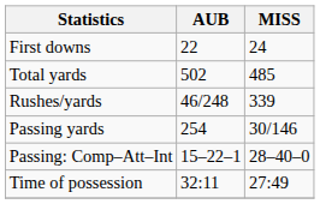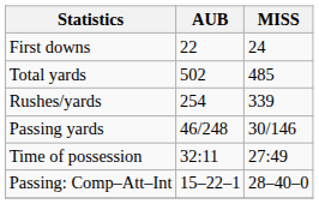 <table class="wikitable" style="float: left;">
 <tr>
 <th>Statistics</th>
 <th>AUB</th>
 <th>MISS</th>
 </tr>
 <tr>
 <td>First downs</td>
 <td>22</td>
 <td>24</td>
 </tr>
 <tr>
 <td>Total yards</td>
 <td>502</td>
 <td>485</td>
 </tr>
 <tr>
 <td>Rushes/yards</td>
-<td>46/248</td>
+<td>254</td>
 <td>339</td>
 </tr>
 <tr>
 <td>Passing yards</td>
-<td>254</td>
+<td>46/248</td>
 <td>30/146</td>
+</tr>
+<tr>
+<td>Time of possession</td>
+<td>32:11</td>
+<td>27:49</td>
 </tr>
 <tr>
 <td>Passing: Comp–Att–Int</td>
 <td>15–22–1</td>
 <td>28–40–0</td>
 </tr>
 <tr>
-<td>Time of possession</td>
-<td>32:11</td>
-<td>27:49</td>
-</tr>
-<tr>
 </tr>
 </table>
